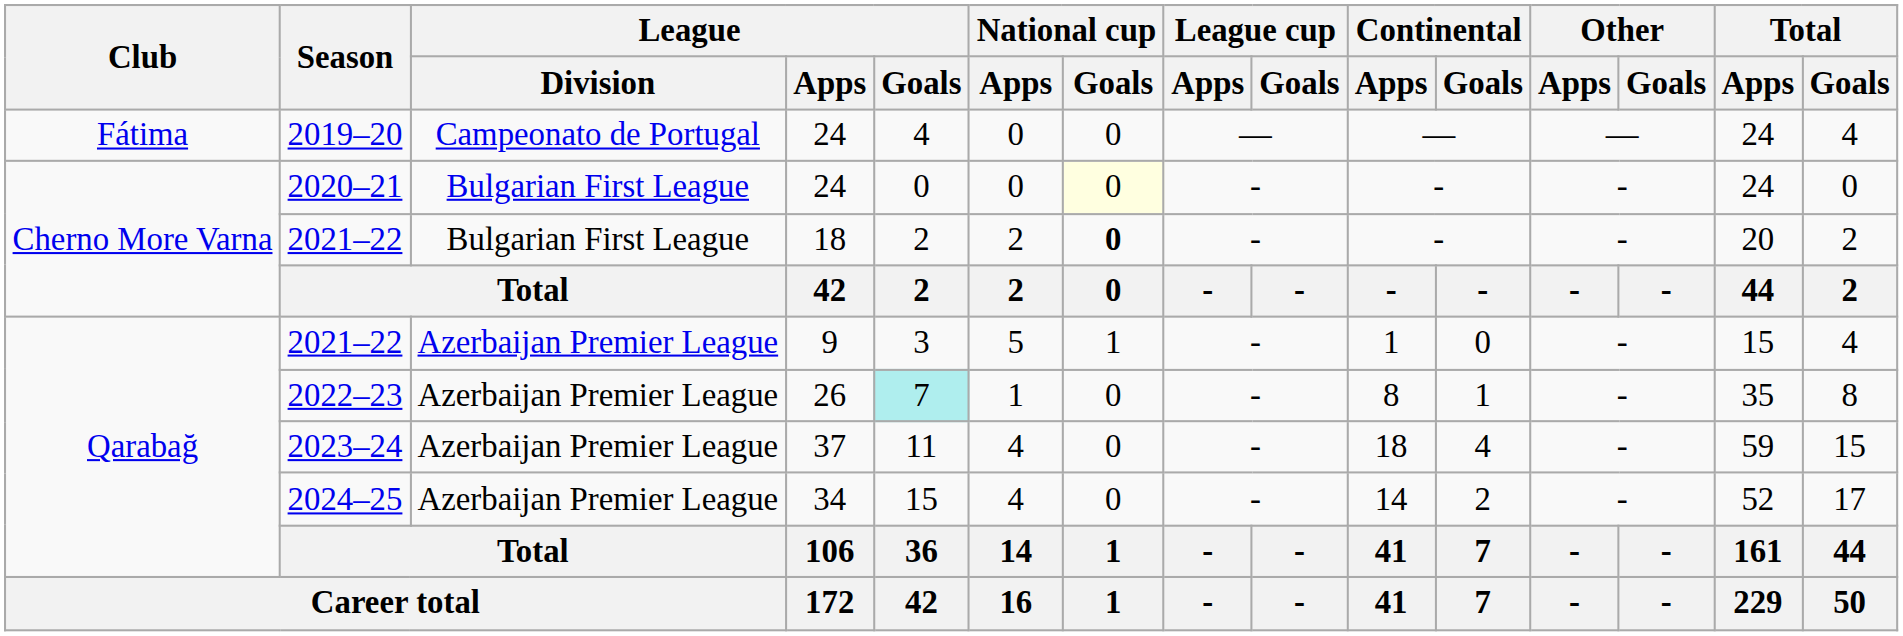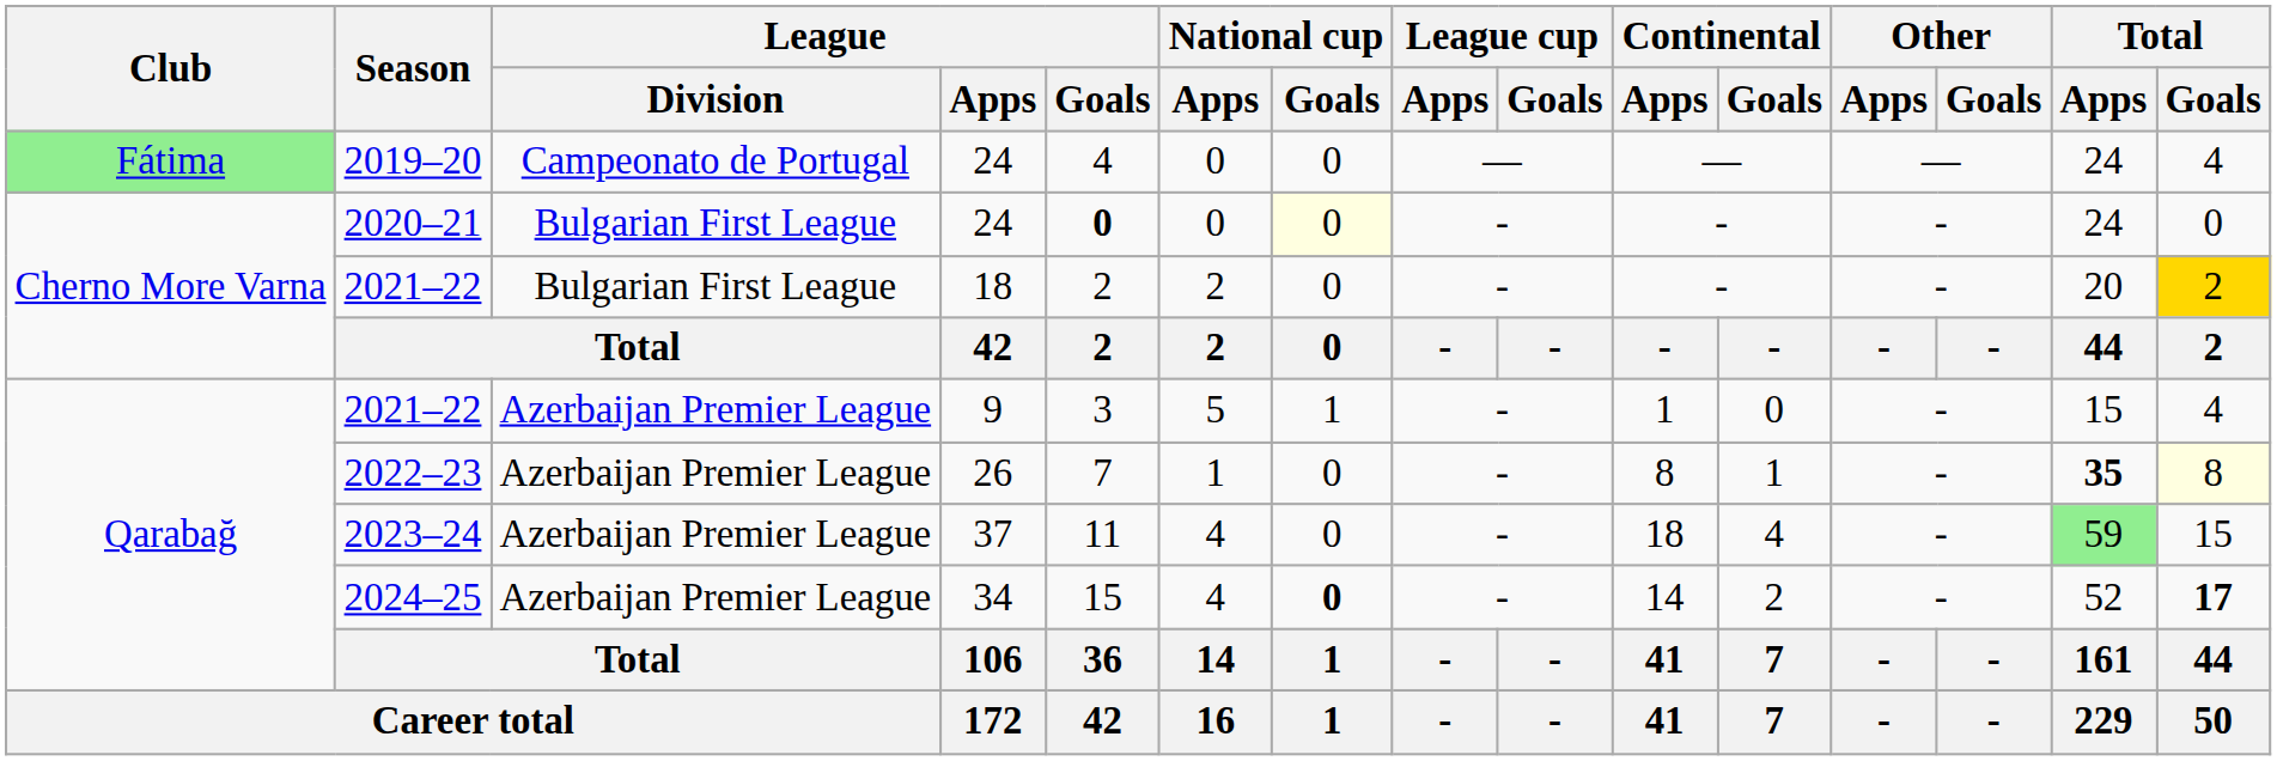 <table class="wikitable" style="text-align:center">
 <tr>
 <th rowspan="2">Club</th>
 <th rowspan="2">Season</th>
 <th colspan="3">League</th>
 <th colspan="2">National cup</th>
 <th colspan="2">League cup</th>
 <th colspan="2">Continental</th>
 <th colspan="2">Other</th>
 <th colspan="2">Total</th>
 </tr>
 <tr>
 <th>Division</th>
 <th>Apps</th>
 <th>Goals</th>
 <th>Apps</th>
 <th>Goals</th>
 <th>Apps</th>
 <th>Goals</th>
 <th>Apps</th>
 <th>Goals</th>
 <th>Apps</th>
 <th>Goals</th>
 <th>Apps</th>
 <th>Goals</th>
 </tr>
 <tr>
-<td><a href='#'>Fátima</a></td>
+<td style="background: lightgreen;"><a href='#'>Fátima</a></td>
 <td><a href='#'>2019–20</a></td>
 <td><a href='#'>Campeonato de Portugal</a></td>
 <td>24</td>
 <td>4</td>
 <td>0</td>
 <td>0</td>
 <td colspan="2">—</td>
 <td colspan="2">—</td>
 <td colspan="2">—</td>
 <td>24</td>
 <td>4</td>
 </tr>
 <tr>
 <td rowspan="3"><a href='#'>Cherno More Varna</a></td>
 <td><a href='#'>2020–21</a></td>
 <td><a href='#'>Bulgarian First League</a></td>
 <td>24</td>
-<td>0</td>
+<td><strong>0</strong></td>
 <td>0</td>
 <td style="background: lightyellow;">0</td>
 <td colspan="2">-</td>
 <td colspan="2">-</td>
 <td colspan="2">-</td>
 <td>24</td>
 <td>0</td>
 </tr>
 <tr>
 <td><a href='#'>2021–22</a></td>
 <td>Bulgarian First League</td>
 <td>18</td>
 <td>2</td>
 <td>2</td>
-<td><strong>0</strong></td>
+<td>0</td>
 <td colspan="2">-</td>
 <td colspan="2">-</td>
 <td colspan="2">-</td>
 <td>20</td>
-<td>2</td>
+<td style="background: gold;">2</td>
 </tr>
 <tr>
 <th colspan="2">Total</th>
 <th>42</th>
 <th>2</th>
 <th>2</th>
 <th>0</th>
 <th>-</th>
 <th>-</th>
 <th>-</th>
 <th>-</th>
 <th>-</th>
 <th>-</th>
 <th>44</th>
 <th>2</th>
 </tr>
 <tr>
 <td rowspan="5"><a href='#'>Qarabağ</a></td>
 <td><a href='#'>2021–22</a></td>
 <td><a href='#'>Azerbaijan Premier League</a></td>
 <td>9</td>
 <td>3</td>
 <td>5</td>
 <td>1</td>
 <td colspan="2">-</td>
 <td>1</td>
 <td>0</td>
 <td colspan="2">-</td>
 <td>15</td>
 <td>4</td>
 </tr>
 <tr>
 <td><a href='#'>2022–23</a></td>
 <td>Azerbaijan Premier League</td>
 <td>26</td>
-<td style="background: paleturquoise;">7</td>
+<td>7</td>
 <td>1</td>
 <td>0</td>
 <td colspan="2">-</td>
 <td>8</td>
 <td>1</td>
 <td colspan="2">-</td>
-<td>35</td>
-<td>8</td>
+<td><strong>35</strong></td>
+<td style="background: lightyellow;">8</td>
 </tr>
 <tr>
 <td><a href='#'>2023–24</a></td>
 <td>Azerbaijan Premier League</td>
 <td>37</td>
 <td>11</td>
 <td>4</td>
 <td>0</td>
 <td colspan="2">-</td>
 <td>18</td>
 <td>4</td>
 <td colspan="2">-</td>
-<td>59</td>
+<td style="background: lightgreen;">59</td>
 <td>15</td>
 </tr>
 <tr>
 <td><a href='#'>2024–25</a></td>
 <td>Azerbaijan Premier League</td>
 <td>34</td>
 <td>15</td>
 <td>4</td>
-<td>0</td>
+<td><strong>0</strong></td>
 <td colspan="2">-</td>
 <td>14</td>
 <td>2</td>
 <td colspan="2">-</td>
 <td>52</td>
-<td>17</td>
+<td><strong>17</strong></td>
 </tr>
 <tr>
 <th colspan="2">Total</th>
 <th>106</th>
 <th>36</th>
 <th>14</th>
 <th>1</th>
 <th>-</th>
 <th>-</th>
 <th>41</th>
 <th>7</th>
 <th>-</th>
 <th>-</th>
 <th>161</th>
 <th>44</th>
 </tr>
 <tr>
 <th colspan="3">Career total</th>
 <th>172</th>
 <th>42</th>
 <th>16</th>
 <th>1</th>
 <th>-</th>
 <th>-</th>
 <th>41</th>
 <th>7</th>
 <th>-</th>
 <th>-</th>
 <th>229</th>
 <th>50</th>
 </tr>
 </table>
